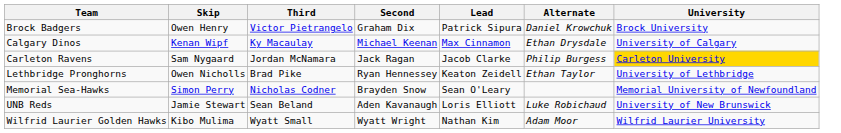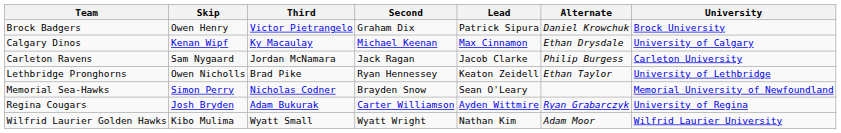 <table class="wikitable">
 <tr>
 <th scope="col">Team</th>
 <th scope="col">Skip</th>
 <th scope="col">Third</th>
 <th scope="col">Second</th>
 <th scope="col">Lead</th>
 <th scope="col">Alternate</th>
 <th scope="col">University</th>
 </tr>
 <tr>
 <td>Brock Badgers</td>
 <td>Owen Henry</td>
 <td><a href='#'>Victor Pietrangelo</a></td>
 <td>Graham Dix</td>
 <td>Patrick Sipura</td>
 <td><em>Daniel Krowchuk</em></td>
 <td> <a href='#'>Brock University</a></td>
 </tr>
 <tr>
 <td>Calgary Dinos</td>
 <td><a href='#'>Kenan Wipf</a></td>
 <td><a href='#'>Ky Macaulay</a></td>
 <td><a href='#'>Michael Keenan</a></td>
 <td><a href='#'>Max Cinnamon</a></td>
 <td><em>Ethan Drysdale</em></td>
 <td> <a href='#'>University of Calgary</a></td>
 </tr>
 <tr>
 <td>Carleton Ravens</td>
 <td>Sam Nygaard</td>
 <td>Jordan McNamara</td>
 <td>Jack Ragan</td>
 <td>Jacob Clarke</td>
 <td><em>Philip Burgess</em></td>
-<td style="background: gold;"> <a href='#'>Carleton University</a></td>
+<td> <a href='#'>Carleton University</a></td>
 </tr>
 <tr>
 <td>Lethbridge Pronghorns</td>
 <td>Owen Nicholls</td>
 <td>Brad Pike</td>
 <td>Ryan Hennessey</td>
 <td>Keaton Zeidell</td>
 <td><em>Ethan Taylor</em></td>
 <td> <a href='#'>University of Lethbridge</a></td>
 </tr>
 <tr>
 <td>Memorial Sea-Hawks</td>
 <td><a href='#'>Simon Perry</a></td>
 <td><a href='#'>Nicholas Codner</a></td>
 <td>Brayden Snow</td>
 <td>Sean O'Leary</td>
 <td></td>
 <td> <a href='#'>Memorial University of Newfoundland</a></td>
 </tr>
 <tr>
-<td>UNB Reds</td>
-<td>Jamie Stewart</td>
-<td>Sean Beland</td>
-<td>Aden Kavanaugh</td>
-<td>Loris Elliott</td>
-<td><em>Luke Robichaud</em></td>
-<td> <a href='#'>University of New Brunswick</a></td>
+<td>Regina Cougars</td>
+<td><a href='#'>Josh Bryden</a></td>
+<td><a href='#'>Adam Bukurak</a></td>
+<td><a href='#'>Carter Williamson</a></td>
+<td><a href='#'>Ayden Wittmire</a></td>
+<td><em><a href='#'>Ryan Grabarczyk</a></em></td>
+<td> <a href='#'>University of Regina</a></td>
 </tr>
 <tr>
 <td>Wilfrid Laurier Golden Hawks</td>
 <td>Kibo Mulima</td>
 <td>Wyatt Small</td>
 <td>Wyatt Wright</td>
 <td>Nathan Kim</td>
 <td><em>Adam Moor</em></td>
 <td> <a href='#'>Wilfrid Laurier University</a></td>
 </tr>
 </table>
